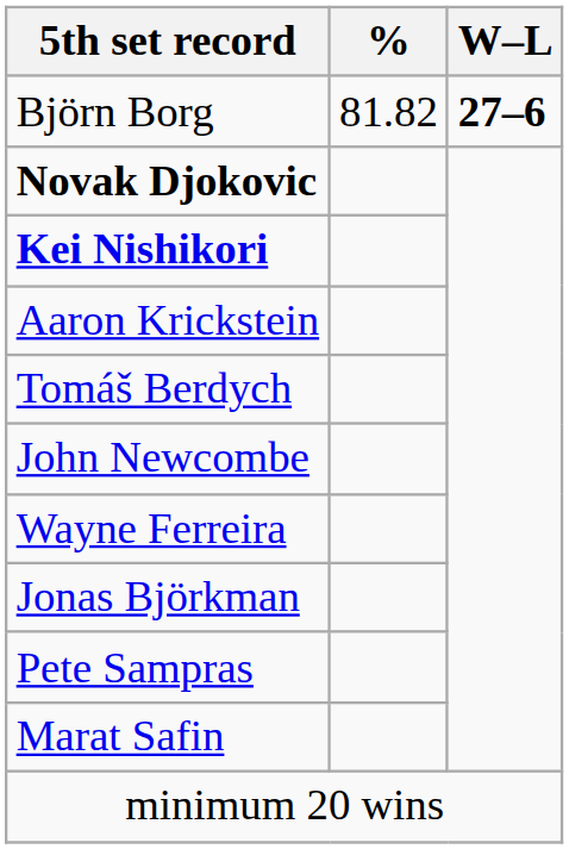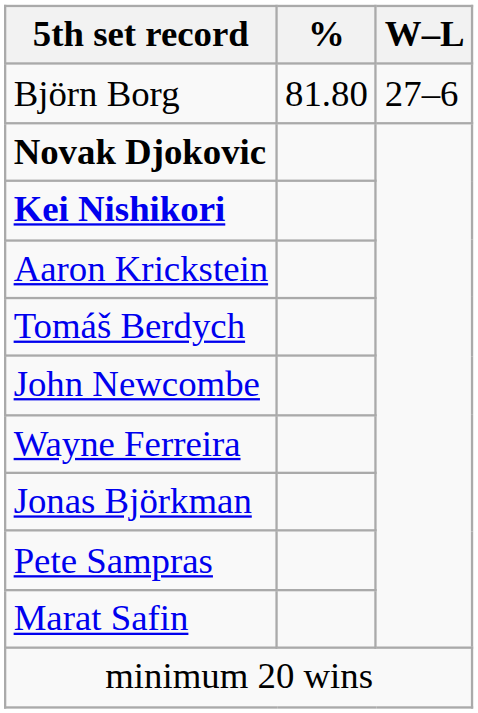 <table class=wikitable style="display:inline-table;">
 <tr>
 <th>5th set record</th>
 <th>%</th>
 <th>W–L </th>
 </tr>
 <tr>
 <td> Björn Borg</td>
-<td>81.82</td>
-<td><strong>27–6<br></strong></td>
+<td>81.80</td>
+<td>27–6<br></td>
 </tr>
 <tr>
 <td> <strong>Novak Djokovic</strong></td>
 <td></td>
 </tr>
 <tr>
 <td> <strong><a href='#'>Kei Nishikori</a></strong></td>
 <td><br> </td>
 </tr>
 <tr>
 <td> <a href='#'>Aaron Krickstein</a></td>
 <td><br></td>
 </tr>
 <tr>
 <td> <a href='#'>Tomáš Berdych</a></td>
 <td></td>
 </tr>
 <tr>
 <td> <a href='#'>John Newcombe</a></td>
 <td></td>
 </tr>
 <tr>
 <td> <a href='#'>Wayne Ferreira</a></td>
 <td></td>
 </tr>
 <tr>
 <td> <a href='#'>Jonas Björkman</a></td>
 <td></td>
 </tr>
 <tr>
 <td> <a href='#'>Pete Sampras</a></td>
 <td></td>
 </tr>
 <tr>
 <td> <a href='#'>Marat Safin</a></td>
 <td></td>
 </tr>
 <tr>
 <td colspan="4" style="text-align:center;">minimum 20 wins</td>
 </tr>
 </table>
